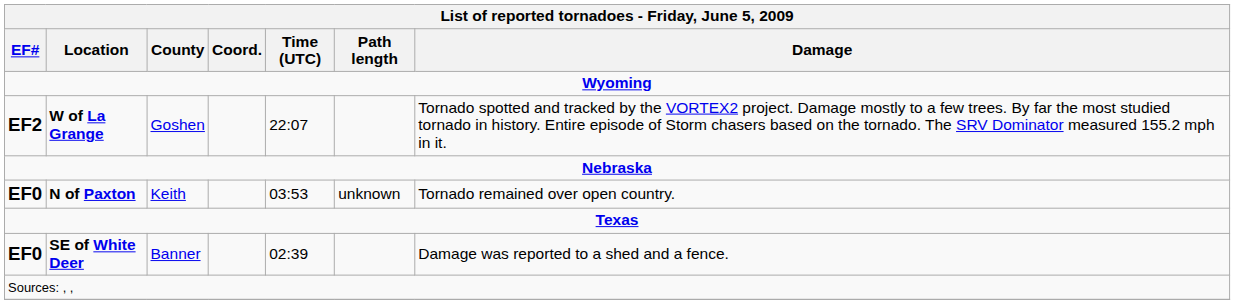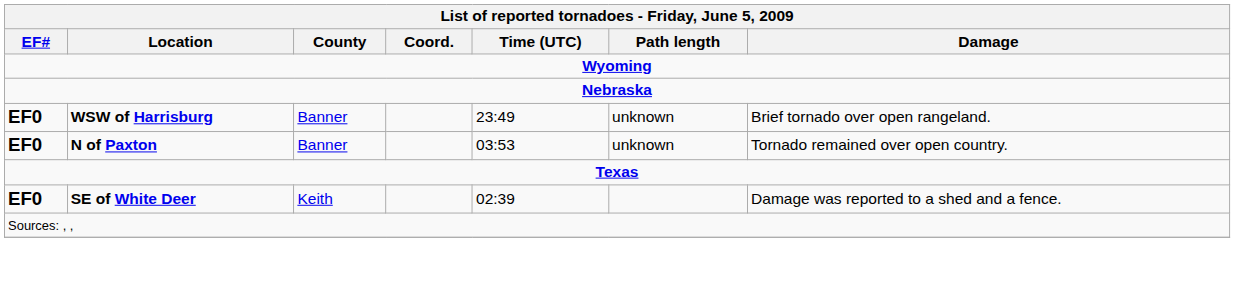 <table class="wikitable collapsible" width="100%">
 <tr>
 <th colspan="7">List of reported tornadoes - Friday, June 5, 2009</th>
 </tr>
 <tr>
 <th><a href='#'>EF#</a></th>
 <th>Location</th>
 <th>County</th>
 <th>Coord.</th>
 <th>Time (UTC)</th>
 <th>Path length</th>
 <th>Damage</th>
 </tr>
 <tr>
 <td colspan="7" align=center><strong><a href='#'>Wyoming</a></strong></td>
 </tr>
 <tr>
-<td><big><strong>EF2</strong></big></td>
-<td><strong>W of <a href='#'>La Grange</a></strong></td>
-<td><a href='#'>Goshen</a></td>
-<td></td>
-<td>22:07</td>
-<td></td>
-<td>Tornado spotted and tracked by the <a href='#'>VORTEX2</a> project. Damage mostly to a few trees. By far the most studied tornado in history. Entire episode of Storm chasers based on the tornado. The <a href='#'>SRV Dominator</a> measured 155.2 mph in it.</td>
-</tr>
-<tr>
 <td colspan="7" align=center><strong><a href='#'>Nebraska</a></strong></td>
 </tr>
 <tr>
 <td><big><strong>EF0</strong></big></td>
+<td><strong>WSW of <a href='#'>Harrisburg</a></strong></td>
+<td><a href='#'>Banner</a></td>
+<td></td>
+<td>23:49</td>
+<td>unknown</td>
+<td>Brief tornado over open rangeland.</td>
+</tr>
+<tr>
+<td><big><strong>EF0</strong></big></td>
 <td><strong>N of <a href='#'>Paxton</a></strong></td>
-<td><a href='#'>Keith</a></td>
+<td><a href='#'>Banner</a></td>
 <td></td>
 <td>03:53</td>
 <td>unknown</td>
 <td>Tornado remained over open country.</td>
 </tr>
 <tr>
 <td colspan="7" align=center><strong><a href='#'>Texas</a></strong></td>
 </tr>
 <tr>
 <td><big><strong>EF0</strong></big></td>
 <td><strong>SE of <a href='#'>White Deer</a></strong></td>
-<td><a href='#'>Banner</a></td>
+<td><a href='#'>Keith</a></td>
 <td></td>
 <td>02:39</td>
 <td></td>
 <td>Damage was reported to a shed and a fence.</td>
 </tr>
 <tr>
 <td colspan="7"><small>Sources: , , </small></td>
 </tr>
 <tr>
 </tr>
 </table>
